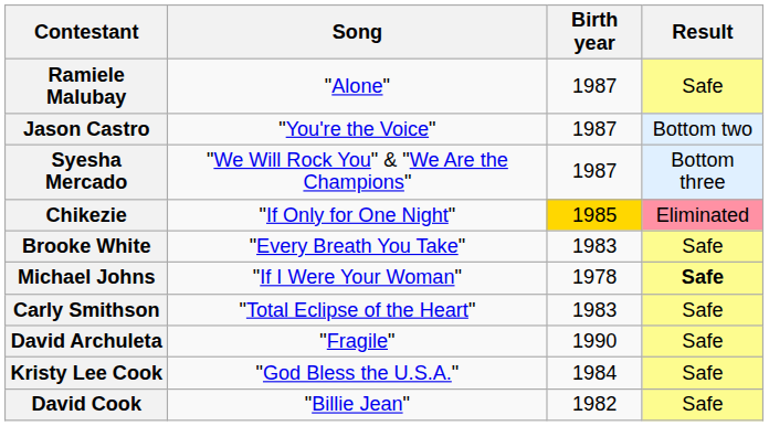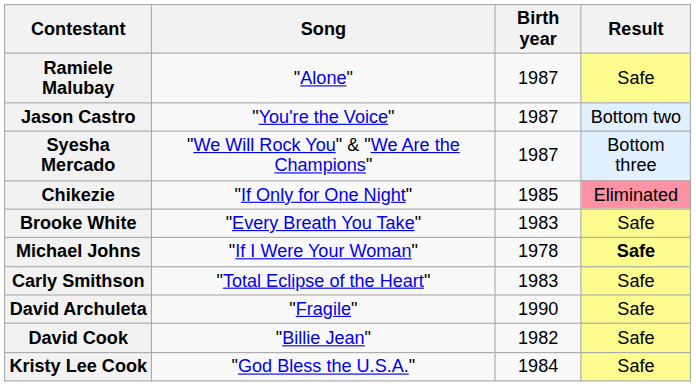 <table class="wikitable unsortable" style="text-align:center;">
 <tr>
 <th scope="col">Contestant</th>
 <th scope="col">Song</th>
 <th scope="col">Birth year</th>
 <th scope="col">Result</th>
 </tr>
 <tr>
 <th scope="row">Ramiele Malubay</th>
 <td>"<a href='#'>Alone</a>"</td>
 <td>1987</td>
 <td style="background:#FDFC8F">Safe</td>
 </tr>
 <tr>
 <th scope="row">Jason Castro</th>
 <td>"<a href='#'>You're the Voice</a>"</td>
 <td>1987</td>
 <td bgcolor="E0F0FF">Bottom two</td>
 </tr>
 <tr>
 <th scope="row">Syesha Mercado</th>
 <td>"<a href='#'>We Will Rock You</a>" & "<a href='#'>We Are the Champions</a>"</td>
 <td>1987</td>
 <td bgcolor="E0F0FF">Bottom three</td>
 </tr>
 <tr>
 <th scope="row">Chikezie</th>
 <td>"<a href='#'>If Only for One Night</a>"</td>
-<td style="background: gold;">1985</td>
+<td>1985</td>
 <td bgcolor="FF91A4">Eliminated</td>
 </tr>
 <tr>
 <th scope="row">Brooke White</th>
 <td>"<a href='#'>Every Breath You Take</a>"</td>
 <td>1983</td>
 <td style="background:#FDFC8F">Safe</td>
 </tr>
 <tr>
 <th scope="row">Michael Johns</th>
 <td>"<a href='#'>If I Were Your Woman</a>"</td>
 <td>1978</td>
 <td style="background:#FDFC8F"><strong>Safe</strong></td>
 </tr>
 <tr>
 <th scope="row">Carly Smithson</th>
 <td>"<a href='#'>Total Eclipse of the Heart</a>"</td>
 <td>1983</td>
 <td style="background:#FDFC8F">Safe</td>
 </tr>
 <tr>
 <th scope="row">David Archuleta</th>
 <td>"<a href='#'>Fragile</a>"</td>
 <td>1990</td>
 <td style="background:#FDFC8F">Safe</td>
 </tr>
 <tr>
+<th scope="row">David Cook</th>
+<td>"<a href='#'>Billie Jean</a>"</td>
+<td>1982</td>
+<td style="background:#FDFC8F">Safe</td>
+</tr>
+<tr>
 <th scope="row">Kristy Lee Cook</th>
 <td>"<a href='#'>God Bless the U.S.A.</a>"</td>
 <td>1984</td>
 <td style="background:#FDFC8F">Safe</td>
 </tr>
-<tr>
-<th scope="row">David Cook</th>
-<td>"<a href='#'>Billie Jean</a>"</td>
-<td>1982</td>
-<td style="background:#FDFC8F">Safe</td>
-</tr>
 </table>
